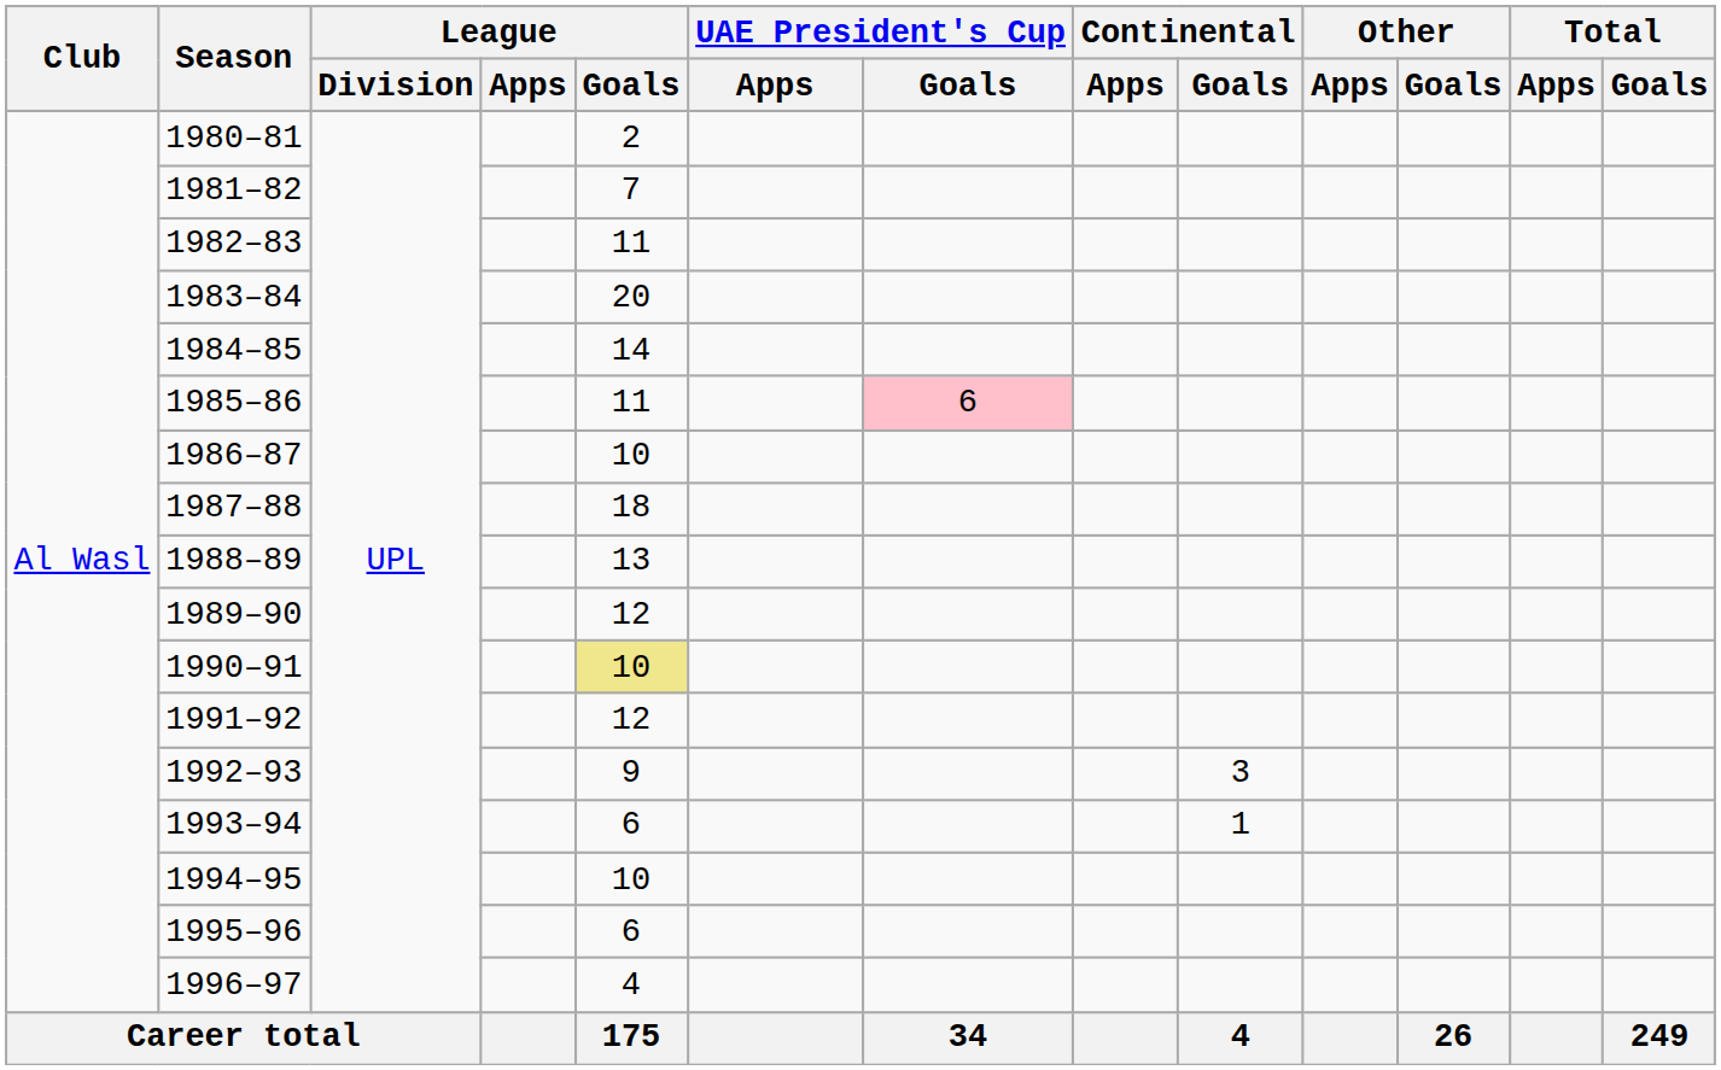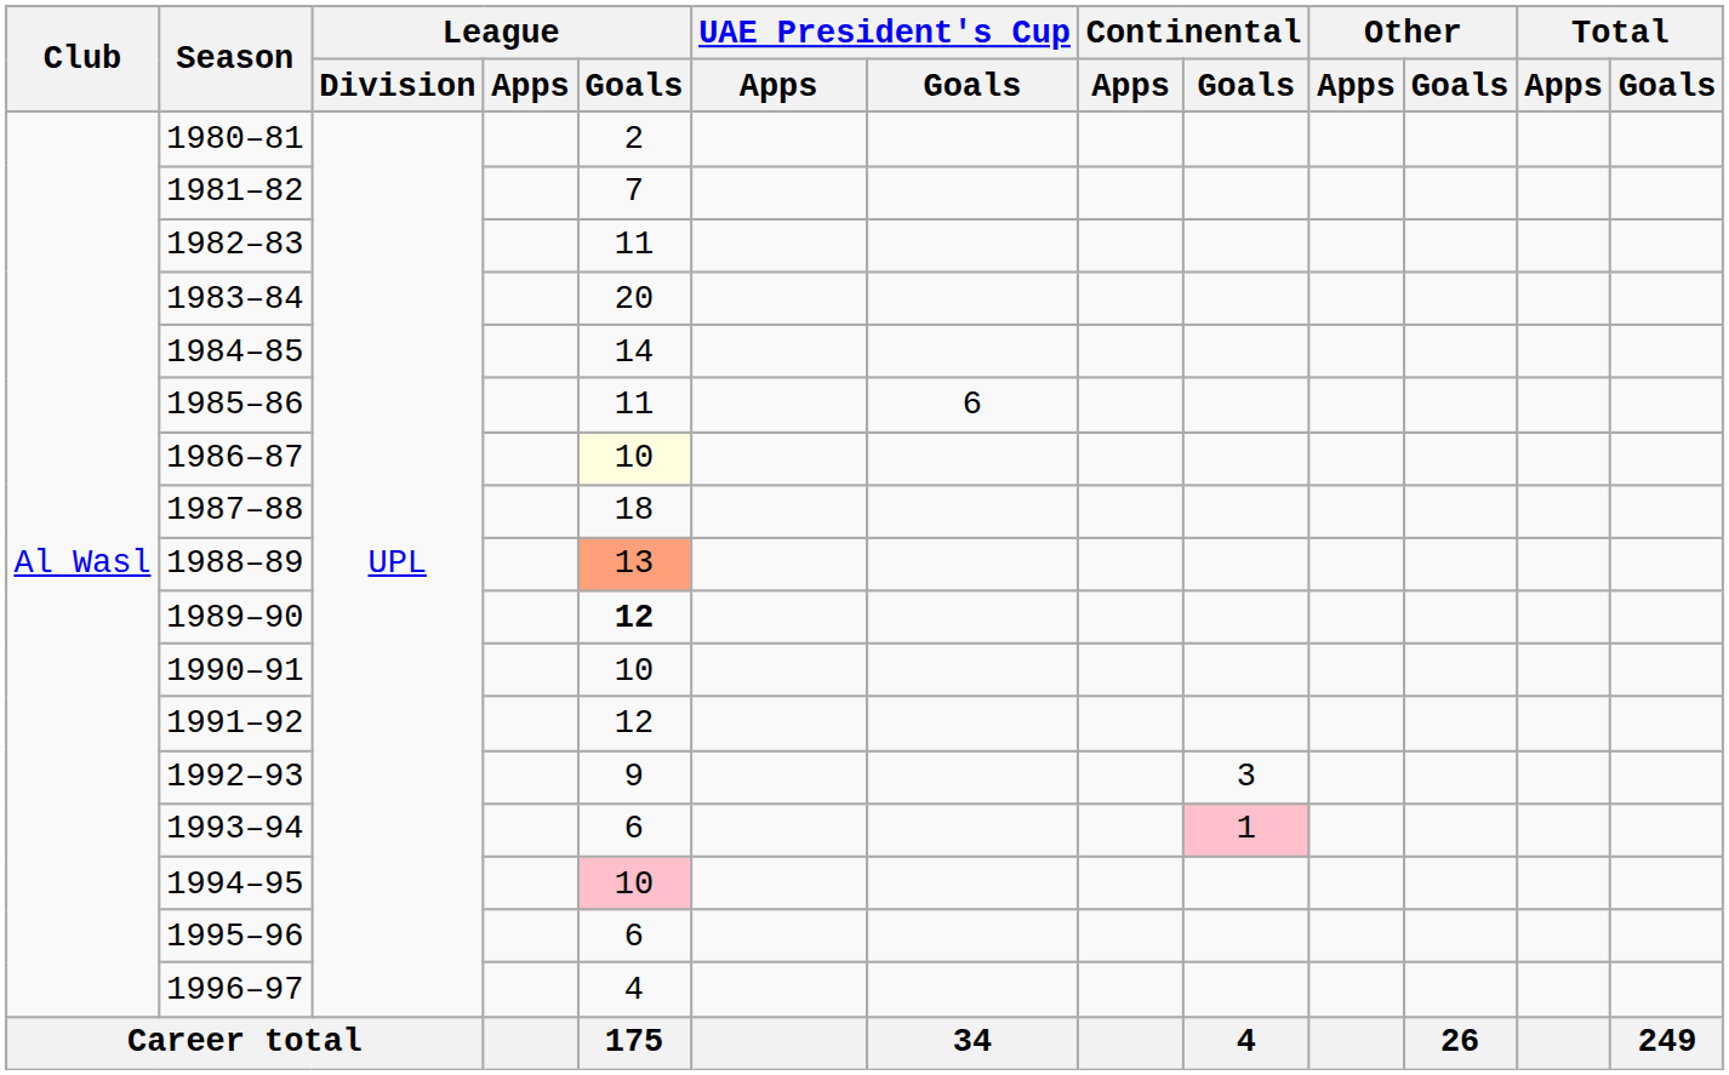 <table class="wikitable" style="text-align:center">
 <tr>
 <th rowspan="2">Club</th>
 <th rowspan="2">Season</th>
 <th colspan="3">League</th>
 <th colspan="2"><a href='#'>UAE President's Cup</a></th>
 <th colspan="2">Continental </th>
 <th colspan="2">Other</th>
 <th colspan="2">Total</th>
 </tr>
 <tr>
 <th>Division</th>
 <th>Apps</th>
 <th>Goals</th>
 <th>Apps</th>
 <th>Goals</th>
 <th>Apps</th>
 <th>Goals</th>
 <th>Apps</th>
 <th>Goals</th>
 <th>Apps</th>
 <th>Goals</th>
 </tr>
 <tr align=center>
 <td rowspan="17" align=center valign=center><a href='#'>Al Wasl</a></td>
 <td 1980–81 UAE Pro League>1980–81</td>
 <td rowspan="17"><a href='#'>UPL</a></td>
 <td></td>
 <td>2</td>
 <td></td>
 <td></td>
 <td></td>
 <td></td>
 <td></td>
 <td></td>
 <td></td>
 <td></td>
 </tr>
 <tr>
 <td 1981–82 UAE Pro League>1981–82</td>
 <td></td>
 <td>7</td>
 <td></td>
 <td></td>
 <td></td>
 <td></td>
 <td></td>
 <td></td>
 <td></td>
 <td></td>
 </tr>
 <tr>
 <td 1982–83 UAE Pro League>1982–83</td>
 <td></td>
 <td>11</td>
 <td></td>
 <td></td>
 <td></td>
 <td></td>
 <td></td>
 <td></td>
 <td></td>
 <td></td>
 </tr>
 <tr>
 <td 1983–84 UAE Pro League>1983–84</td>
 <td></td>
 <td>20</td>
 <td></td>
 <td></td>
 <td></td>
 <td></td>
 <td></td>
 <td></td>
 <td></td>
 <td></td>
 </tr>
 <tr>
 <td 1984–85 UAE Pro League>1984–85</td>
 <td></td>
 <td>14</td>
 <td></td>
 <td></td>
 <td></td>
 <td></td>
 <td></td>
 <td></td>
 <td></td>
 <td></td>
 </tr>
 <tr>
 <td 1985–86 UAE Pro League>1985–86</td>
 <td></td>
 <td>11</td>
 <td></td>
-<td style="background: pink;">6</td>
+<td>6</td>
 <td></td>
 <td></td>
 <td></td>
 <td></td>
 <td></td>
 <td></td>
 </tr>
 <tr>
 <td 1986–87 UAE Pro League>1986–87</td>
 <td></td>
-<td>10</td>
+<td style="background: lightyellow;">10</td>
 <td></td>
 <td></td>
 <td></td>
 <td></td>
 <td></td>
 <td></td>
 <td></td>
 <td></td>
 </tr>
 <tr>
 <td 1987–88 UAE Pro League>1987–88</td>
 <td></td>
 <td>18</td>
 <td></td>
 <td></td>
 <td></td>
 <td></td>
 <td></td>
 <td></td>
 <td></td>
 <td></td>
 </tr>
 <tr>
 <td 1988–89 UAE Pro League>1988–89</td>
 <td></td>
-<td>13</td>
+<td style="background: lightsalmon;">13</td>
 <td></td>
 <td></td>
 <td></td>
 <td></td>
 <td></td>
 <td></td>
 <td></td>
 <td></td>
 </tr>
 <tr>
 <td 1989–90 UAE Pro League>1989–90</td>
 <td></td>
-<td>12</td>
+<td><strong>12</strong></td>
 <td></td>
 <td></td>
 <td></td>
 <td></td>
 <td></td>
 <td></td>
 <td></td>
 <td></td>
 </tr>
 <tr>
 <td 1990–91 UAE Pro League>1990–91</td>
 <td></td>
-<td style="background: khaki;">10</td>
+<td>10</td>
 <td></td>
 <td></td>
 <td></td>
 <td></td>
 <td></td>
 <td></td>
 <td></td>
 <td></td>
 </tr>
 <tr>
 <td 1991–92 UAE Pro League>1991–92</td>
 <td></td>
 <td>12</td>
 <td></td>
 <td></td>
 <td></td>
 <td></td>
 <td></td>
 <td></td>
 <td></td>
 <td></td>
 </tr>
 <tr>
 <td 1992–93 UAE Pro League>1992–93</td>
 <td></td>
 <td>9</td>
 <td></td>
 <td></td>
 <td></td>
 <td>3</td>
 <td></td>
 <td></td>
 <td></td>
 <td></td>
 </tr>
 <tr>
 <td 1993–94 UAE Pro League>1993–94</td>
 <td></td>
 <td>6</td>
 <td></td>
 <td></td>
 <td></td>
-<td>1</td>
+<td style="background: pink;">1</td>
 <td></td>
 <td></td>
 <td></td>
 <td></td>
 </tr>
 <tr>
 <td 1994–95 UAE Pro League>1994–95</td>
 <td></td>
-<td>10</td>
+<td style="background: pink;">10</td>
 <td></td>
 <td></td>
 <td></td>
 <td></td>
 <td></td>
 <td></td>
 <td></td>
 <td></td>
 </tr>
 <tr>
 <td 1995–96 UAE Pro League>1995–96</td>
 <td></td>
 <td>6</td>
 <td></td>
 <td></td>
 <td></td>
 <td></td>
 <td></td>
 <td></td>
 <td></td>
 <td></td>
 </tr>
 <tr>
 <td 1996–97 UAE Pro League>1996–97</td>
 <td></td>
 <td>4</td>
 <td></td>
 <td></td>
 <td></td>
 <td></td>
 <td></td>
 <td></td>
 <td></td>
 <td></td>
 </tr>
 <tr align=center>
 <th colspan="3">Career total</th>
 <th></th>
 <th>175</th>
 <th></th>
 <th>34</th>
 <th></th>
 <th>4</th>
 <th></th>
 <th>26</th>
 <th></th>
 <th>249</th>
 </tr>
 </table>
